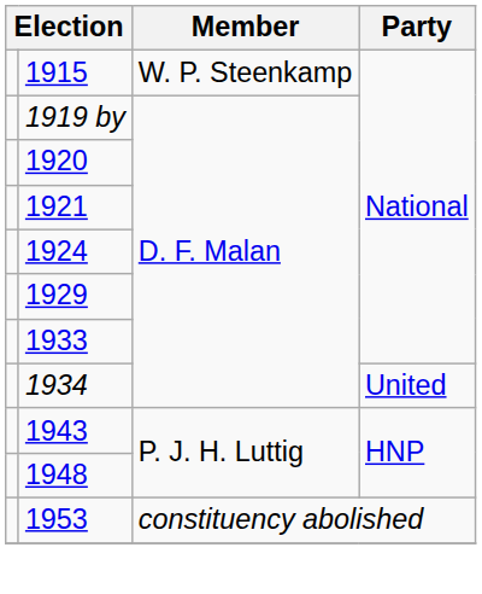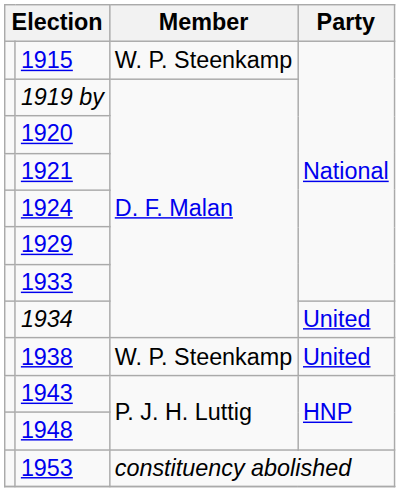 <table class="wikitable">
 <tr>
 <th colspan="2">Election</th>
 <th>Member</th>
 <th>Party</th>
 </tr>
 <tr>
 <td style="background-color: "></td>
 <td><a href='#'>1915</a></td>
 <td>W. P. Steenkamp</td>
 <td rowspan="7"><a href='#'>National</a></td>
 </tr>
 <tr>
 <td style="background-color: "></td>
 <td><em>1919 by</em></td>
 <td rowspan="7"><a href='#'>D. F. Malan</a></td>
 </tr>
 <tr>
 <td style="background-color: "></td>
 <td><a href='#'>1920</a></td>
 </tr>
 <tr>
 <td style="background-color: "></td>
 <td><a href='#'>1921</a></td>
 </tr>
 <tr>
 <td style="background-color: "></td>
 <td><a href='#'>1924</a></td>
 </tr>
 <tr>
 <td style="background-color: "></td>
 <td><a href='#'>1929</a></td>
 </tr>
 <tr>
 <td style="background-color: "></td>
 <td><a href='#'>1933</a></td>
 </tr>
 <tr>
 <td style="background-color: "></td>
 <td><em>1934</em></td>
 <td><a href='#'>United</a></td>
 </tr>
 <tr>
 <td style="background-color: "></td>
+<td><a href='#'>1938</a></td>
+<td>W. P. Steenkamp</td>
+<td><a href='#'>United</a></td>
+</tr>
+<tr>
+<td style="background-color: "></td>
 <td><a href='#'>1943</a></td>
 <td rowspan="2">P. J. H. Luttig</td>
 <td rowspan="2"><a href='#'>HNP</a></td>
 </tr>
 <tr>
 <td style="background-color: "></td>
 <td><a href='#'>1948</a></td>
 </tr>
 <tr>
 <td style="background-color: "></td>
 <td><a href='#'>1953</a></td>
 <td colspan="2"><em>constituency abolished</em></td>
 </tr>
 <tr>
 </tr>
 </table>
